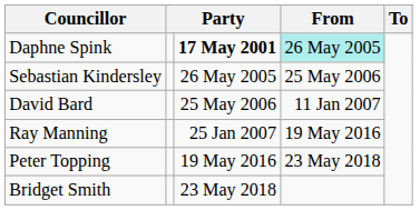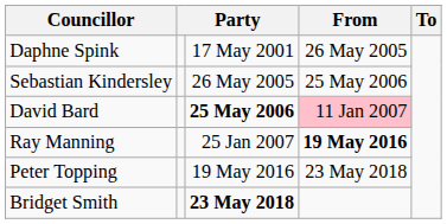 <table class=wikitable>
 <tr>
 <th>Councillor</th>
 <th colspan=2>Party</th>
 <th>From</th>
 <th>To</th>
 </tr>
 <tr>
 <td>Daphne Spink</td>
 <td></td>
-<td align=right><strong>17 May 2001</strong></td>
-<td align=right style="background: paleturquoise;">26 May 2005</td>
+<td align=right>17 May 2001</td>
+<td align=right>26 May 2005</td>
 </tr>
 <tr>
 <td>Sebastian Kindersley</td>
 <td></td>
 <td align=right>26 May 2005</td>
 <td align=right>25 May 2006</td>
 </tr>
 <tr>
 <td>David Bard</td>
 <td></td>
-<td align=right>25 May 2006</td>
-<td align=right>11 Jan 2007</td>
+<td align=right><strong>25 May 2006</strong></td>
+<td align=right style="background: pink;">11 Jan 2007</td>
 </tr>
 <tr>
 <td>Ray Manning</td>
 <td></td>
 <td align=right>25 Jan 2007</td>
-<td align=right>19 May 2016</td>
+<td align=right><strong>19 May 2016</strong></td>
 </tr>
 <tr>
 <td>Peter Topping</td>
 <td></td>
 <td align=right>19 May 2016</td>
 <td align=right>23 May 2018</td>
 </tr>
 <tr>
 <td>Bridget Smith</td>
 <td></td>
-<td align=right>23 May 2018</td>
+<td align=right><strong>23 May 2018</strong></td>
 <td></td>
 </tr>
 </table>
